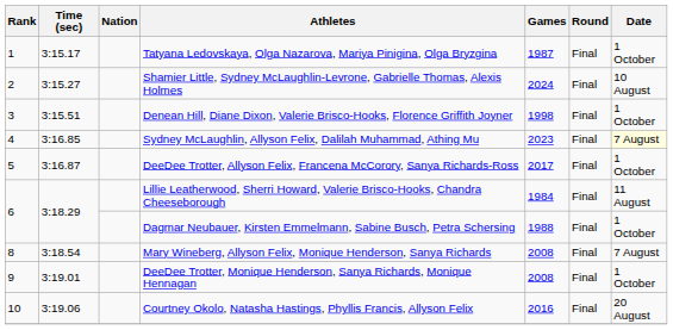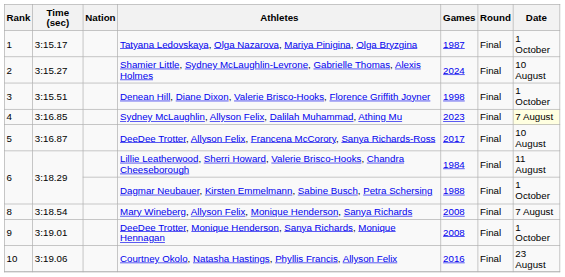 <table class=wikitable style="font-size:95%">
 <tr>
 <th>Rank</th>
 <th>Time (sec)</th>
 <th>Nation</th>
 <th>Athletes</th>
 <th>Games</th>
 <th>Round</th>
 <th>Date</th>
 </tr>
 <tr>
 <td>1</td>
 <td>3:15.17</td>
 <td style="text-align:left"></td>
 <td><a href='#'>Tatyana Ledovskaya</a>, <a href='#'>Olga Nazarova</a>, <a href='#'>Mariya Pinigina</a>, <a href='#'>Olga Bryzgina</a></td>
 <td><a href='#'>1987</a></td>
 <td>Final</td>
 <td>1 October</td>
 </tr>
 <tr>
 <td>2</td>
 <td>3:15.27</td>
 <td style="text-align:left"></td>
 <td><a href='#'>Shamier Little</a>, <a href='#'>Sydney McLaughlin-Levrone</a>, <a href='#'>Gabrielle Thomas</a>, <a href='#'>Alexis Holmes</a></td>
 <td><a href='#'>2024</a></td>
 <td>Final</td>
 <td>10 August</td>
 </tr>
 <tr>
 <td>3</td>
 <td>3:15.51</td>
 <td style="text-align:left"></td>
 <td><a href='#'>Denean Hill</a>, <a href='#'>Diane Dixon</a>, <a href='#'>Valerie Brisco-Hooks</a>, <a href='#'>Florence Griffith Joyner</a></td>
 <td><a href='#'>1998</a></td>
 <td>Final</td>
 <td>1 October</td>
 </tr>
 <tr>
 <td>4</td>
 <td>3:16.85</td>
 <td align+left></td>
 <td><a href='#'>Sydney McLaughlin</a>, <a href='#'>Allyson Felix</a>, <a href='#'>Dalilah Muhammad</a>, <a href='#'>Athing Mu</a></td>
 <td><a href='#'>2023</a></td>
 <td>Final</td>
 <td style="background: lightyellow;">7 August</td>
 </tr>
 <tr>
 <td>5</td>
 <td>3:16.87</td>
 <td style="text-align:left"></td>
 <td><a href='#'>DeeDee Trotter</a>, <a href='#'>Allyson Felix</a>, <a href='#'>Francena McCorory</a>, <a href='#'>Sanya Richards-Ross</a></td>
 <td><a href='#'>2017</a></td>
 <td>Final</td>
-<td>1 October</td>
+<td>10 August</td>
 </tr>
 <tr>
 <td rowspan="2">6</td>
 <td rowspan="2">3:18.29</td>
 <td style="text-align:left"></td>
 <td><a href='#'>Lillie Leatherwood</a>, <a href='#'>Sherri Howard</a>, <a href='#'>Valerie Brisco-Hooks</a>, <a href='#'>Chandra Cheeseborough</a></td>
 <td><a href='#'>1984</a></td>
 <td>Final</td>
 <td>11 August</td>
 </tr>
 <tr>
 <td style="text-align:left"></td>
 <td><a href='#'>Dagmar Neubauer</a>, <a href='#'>Kirsten Emmelmann</a>, <a href='#'>Sabine Busch</a>, <a href='#'>Petra Schersing</a></td>
 <td><a href='#'>1988</a></td>
 <td>Final</td>
 <td>1 October</td>
 </tr>
 <tr>
 <td>8</td>
 <td>3:18.54</td>
 <td style="text-align:left"></td>
 <td><a href='#'>Mary Wineberg</a>, <a href='#'>Allyson Felix</a>, <a href='#'>Monique Henderson</a>, <a href='#'>Sanya Richards</a></td>
 <td><a href='#'>2008</a></td>
 <td>Final</td>
 <td>7 August</td>
 </tr>
 <tr>
 <td>9</td>
 <td>3:19.01</td>
 <td style="text-align:left"></td>
 <td><a href='#'>DeeDee Trotter</a>, <a href='#'>Monique Henderson</a>, <a href='#'>Sanya Richards</a>, <a href='#'>Monique Hennagan</a></td>
 <td><a href='#'>2008</a></td>
 <td>Final</td>
 <td>1 October</td>
 </tr>
 <tr>
 <td>10</td>
 <td>3:19.06</td>
 <td style="text-align:left"></td>
 <td><a href='#'>Courtney Okolo</a>, <a href='#'>Natasha Hastings</a>, <a href='#'>Phyllis Francis</a>, <a href='#'>Allyson Felix</a></td>
 <td><a href='#'>2016</a></td>
 <td>Final</td>
-<td>20 August</td>
+<td>23 August</td>
 </tr>
 <tr>
 </tr>
 </table>
